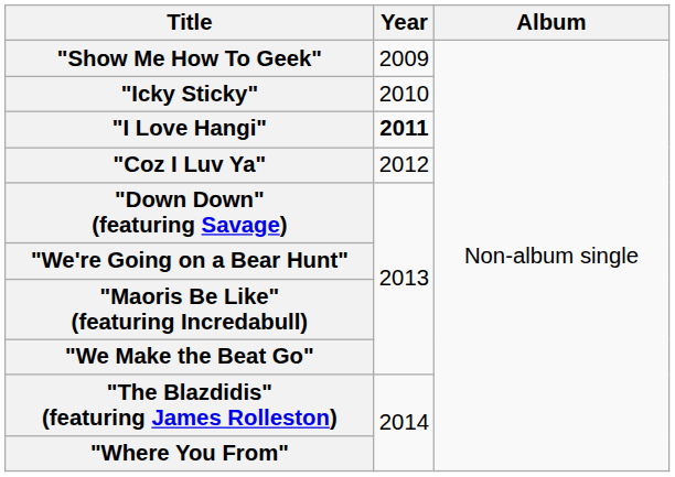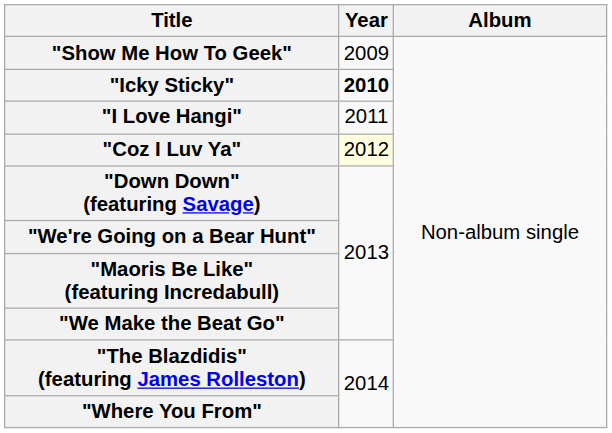 <table class="wikitable plainrowheaders" style="text-align:center;">
 <tr>
 <th scope="col" style="width:16em;">Title</th>
 <th scope="col" style="width:1em;">Year</th>
 <th scope="col" style="width:10em;">Album</th>
 </tr>
 <tr>
 <th scope="row">"Show Me How To Geek"</th>
 <td>2009</td>
 <td rowspan="10">Non-album single</td>
 </tr>
 <tr>
 <th scope="row">"Icky Sticky"</th>
-<td>2010</td>
+<td><strong>2010</strong></td>
 </tr>
 <tr>
 <th scope="row">"I Love Hangi"</th>
-<td><strong>2011</strong></td>
+<td>2011</td>
 </tr>
 <tr>
 <th scope="row">"Coz I Luv Ya"</th>
-<td>2012</td>
+<td style="background: lightyellow;">2012</td>
 </tr>
 <tr>
 <th scope="row">"Down Down"<br><span>(featuring <a href='#'>Savage</a>)</span></th>
 <td rowspan="4">2013</td>
 </tr>
 <tr>
 <th scope="row">"We're Going on a Bear Hunt"</th>
 </tr>
 <tr>
 <th scope="row">"Maoris Be Like"<br><span>(featuring Incredabull)</span></th>
 </tr>
 <tr>
 <th scope="row">"We Make the Beat Go"</th>
 </tr>
 <tr>
 <th scope="row">"The Blazdidis"<br><span>(featuring <a href='#'>James Rolleston</a>)</span></th>
 <td rowspan="2">2014</td>
 </tr>
 <tr>
 <th scope="row">"Where You From"</th>
 </tr>
 </table>
